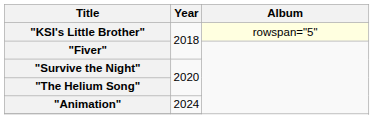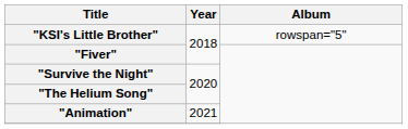 <table class="wikitable plainrowheaders" style="text-align:center;">
 <tr>
 <th rowspan="1.5" scope="col" style="width:14em;">Title</th>
 <th rowspan="1.5" scope="col">Year</th>
 <th rowspan="1.5" scope="col" style="width:14em;">Album</th>
 </tr>
 <tr>
 <th scope="row">"KSI's Little Brother"</th>
 <td rowspan="2">2018</td>
-<td style="background: lightyellow;">rowspan="5" </td>
+<td>rowspan="5" </td>
 </tr>
 <tr>
 <th scope="row">"Fiver"</th>
 </tr>
 <tr>
 <th scope="row">"Survive the Night"<br></th>
 <td rowspan="2">2020</td>
 </tr>
 <tr>
 <th scope="row">"The Helium Song"<br></th>
 </tr>
 <tr>
 <th scope="row">"Animation"<br></th>
-<td>2024</td>
+<td>2021</td>
 </tr>
 <tr>
 </tr>
 </table>
